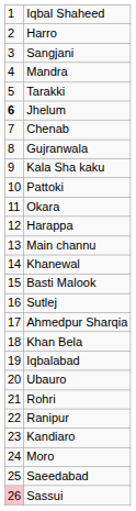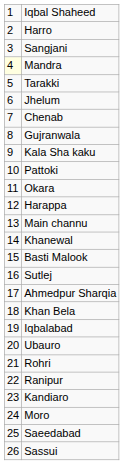 <table class="wikitable sortable">
 <tr>
 <td>1</td>
 <td>Iqbal  Shaheed</td>
 </tr>
 <tr>
 <td>2</td>
 <td>Harro</td>
 </tr>
 <tr>
 <td>3</td>
 <td>Sangjani</td>
 </tr>
 <tr>
-<td>4</td>
+<td style="background: lightyellow;">4</td>
 <td>Mandra</td>
 </tr>
 <tr>
 <td>5</td>
 <td>Tarakki</td>
 </tr>
 <tr>
-<td><strong>6</strong></td>
+<td>6</td>
 <td>Jhelum</td>
 </tr>
 <tr>
 <td>7</td>
 <td>Chenab</td>
 </tr>
 <tr>
 <td>8</td>
 <td>Gujranwala</td>
 </tr>
 <tr>
 <td>9</td>
 <td>Kala Sha kaku</td>
 </tr>
 <tr>
 <td>10</td>
 <td>Pattoki</td>
 </tr>
 <tr>
 <td>11</td>
 <td>Okara</td>
 </tr>
 <tr>
 <td>12</td>
 <td>Harappa</td>
 </tr>
 <tr>
 <td>13</td>
 <td>Main channu</td>
 </tr>
 <tr>
 <td>14</td>
 <td>Khanewal</td>
 </tr>
 <tr>
 <td>15</td>
 <td>Basti Malook</td>
 </tr>
 <tr>
 <td>16</td>
 <td>Sutlej</td>
 </tr>
 <tr>
 <td>17</td>
 <td>Ahmedpur Sharqia</td>
 </tr>
 <tr>
 <td>18</td>
 <td>Khan Bela</td>
 </tr>
 <tr>
 <td>19</td>
 <td>Iqbalabad</td>
 </tr>
 <tr>
 <td>20</td>
 <td>Ubauro</td>
 </tr>
 <tr>
 <td>21</td>
 <td>Rohri</td>
 </tr>
 <tr>
 <td>22</td>
 <td>Ranipur</td>
 </tr>
 <tr>
 <td>23</td>
 <td>Kandiaro</td>
 </tr>
 <tr>
 <td>24</td>
 <td>Moro</td>
 </tr>
 <tr>
 <td>25</td>
 <td>Saeedabad</td>
 </tr>
 <tr>
-<td style="background: pink;">26</td>
+<td>26</td>
 <td>Sassui</td>
 </tr>
 </table>
